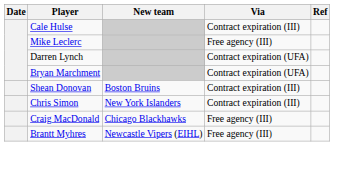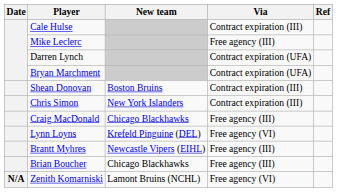 <table class="wikitable plainrowheaders">
 <tr style="background:#ddd; text-align:center;">
 <th>Date</th>
 <th>Player</th>
 <th>New team</th>
 <th>Via</th>
 <th>Ref</th>
 </tr>
 <tr>
 <th scope="row" rowspan=4></th>
 <td><a href='#'>Cale Hulse</a></td>
 <td style="background:#ccc"></td>
 <td>Contract expiration (III)</td>
 <td></td>
 </tr>
 <tr>
 <td><a href='#'>Mike Leclerc</a></td>
 <td style="background:#ccc"></td>
 <td>Free agency (III)</td>
 <td></td>
 </tr>
 <tr>
 <td>Darren Lynch</td>
 <td style="background:#ccc"></td>
 <td>Contract expiration (UFA)</td>
 <td></td>
 </tr>
 <tr>
 <td><a href='#'>Bryan Marchment</a></td>
 <td style="background:#ccc"></td>
 <td>Contract expiration (UFA)</td>
 <td></td>
 </tr>
 <tr>
 <th scope="row"></th>
 <td><a href='#'>Shean Donovan</a></td>
 <td><a href='#'>Boston Bruins</a></td>
 <td>Contract expiration (III)</td>
 <td></td>
 </tr>
 <tr>
 <th scope="row"></th>
 <td><a href='#'>Chris Simon</a></td>
 <td><a href='#'>New York Islanders</a></td>
 <td>Contract expiration (III)</td>
 <td></td>
 </tr>
 <tr>
 <th scope="row"></th>
 <td><a href='#'>Craig MacDonald</a></td>
 <td><a href='#'>Chicago Blackhawks</a></td>
 <td>Free agency (III)</td>
 <td></td>
 </tr>
 <tr>
 <th scope="row"></th>
+<td><a href='#'>Lynn Loyns</a></td>
+<td><a href='#'>Krefeld Pinguine</a> (<a href='#'>DEL</a>)</td>
+<td>Free agency (VI)</td>
+<td></td>
+</tr>
+<tr>
+<th scope="row"></th>
 <td><a href='#'>Brantt Myhres</a></td>
 <td><a href='#'>Newcastle Vipers</a> (<a href='#'>EIHL</a>)</td>
 <td>Free agency (III)</td>
 <td></td>
 </tr>
+<tr>
+<th scope="row"></th>
+<td><a href='#'>Brian Boucher</a></td>
+<td>Chicago Blackhawks</td>
+<td>Free agency (III)</td>
+<td></td>
+</tr>
+<tr>
+<th scope="row">N/A</th>
+<td><a href='#'>Zenith Komarniski</a></td>
+<td>Lamont Bruins (NCHL)</td>
+<td>Free agency (VI)</td>
+<td></td>
+</tr>
 </table>
